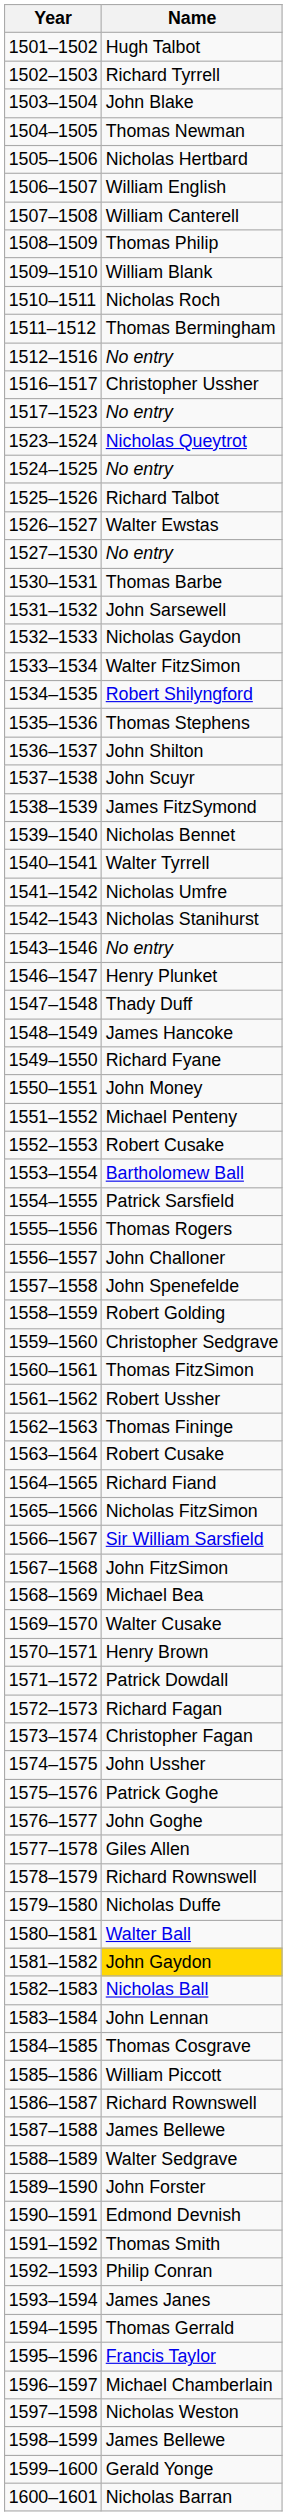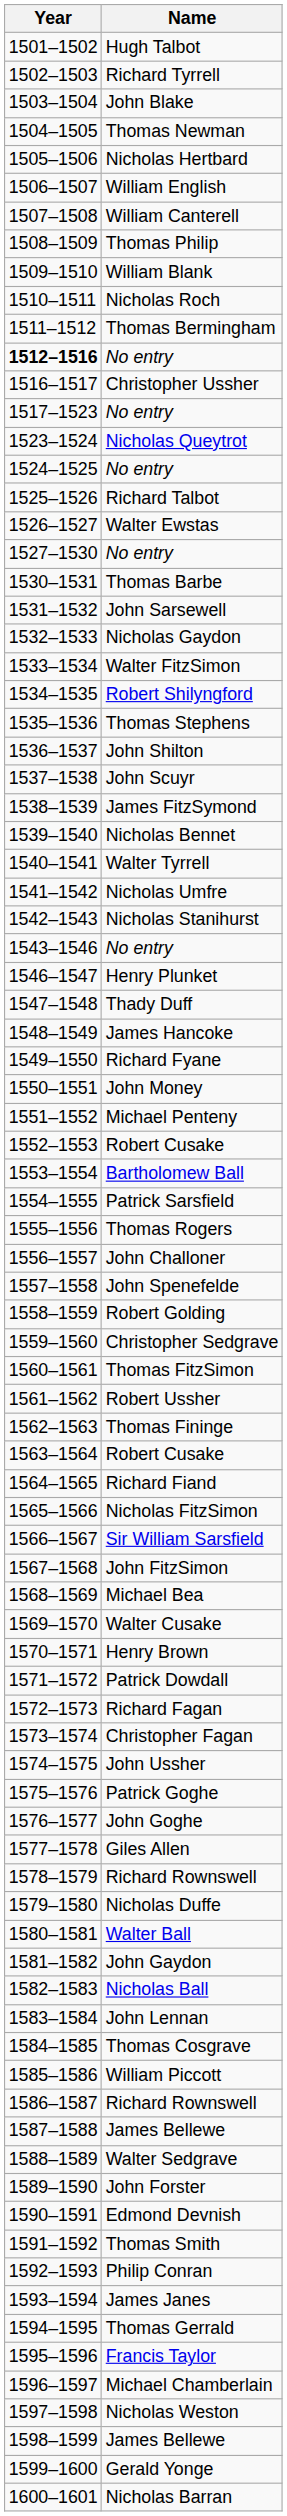 <table class="wikitable">
 <tr>
 <th>Year</th>
 <th>Name</th>
 </tr>
 <tr>
 <td>1501–1502</td>
 <td>Hugh Talbot</td>
 </tr>
 <tr>
 <td>1502–1503</td>
 <td>Richard Tyrrell</td>
 </tr>
 <tr>
 <td>1503–1504</td>
 <td>John Blake</td>
 </tr>
 <tr>
 <td>1504–1505</td>
 <td>Thomas Newman</td>
 </tr>
 <tr>
 <td>1505–1506</td>
 <td>Nicholas Hertbard</td>
 </tr>
 <tr>
 <td>1506–1507</td>
 <td>William English</td>
 </tr>
 <tr>
 <td>1507–1508</td>
 <td>William Canterell</td>
 </tr>
 <tr>
 <td>1508–1509</td>
 <td>Thomas Philip</td>
 </tr>
 <tr>
 <td>1509–1510</td>
 <td>William Blank</td>
 </tr>
 <tr>
 <td>1510–1511</td>
 <td>Nicholas Roch</td>
 </tr>
 <tr>
 <td>1511–1512</td>
 <td>Thomas Bermingham</td>
 </tr>
 <tr>
-<td>1512–1516</td>
+<td><strong>1512–1516</strong></td>
 <td><em>No entry</em></td>
 </tr>
 <tr>
 <td>1516–1517</td>
 <td>Christopher Ussher</td>
 </tr>
 <tr>
 <td>1517–1523</td>
 <td><em>No entry</em></td>
 </tr>
 <tr>
 <td>1523–1524</td>
 <td><a href='#'>Nicholas Queytrot</a></td>
 </tr>
 <tr>
 <td>1524–1525</td>
 <td><em>No entry</em></td>
 </tr>
 <tr>
 <td>1525–1526</td>
 <td>Richard Talbot</td>
 </tr>
 <tr>
 <td>1526–1527</td>
 <td>Walter Ewstas</td>
 </tr>
 <tr>
 <td>1527–1530</td>
 <td><em>No entry</em></td>
 </tr>
 <tr>
 <td>1530–1531</td>
 <td>Thomas Barbe</td>
 </tr>
 <tr>
 <td>1531–1532</td>
 <td>John Sarsewell</td>
 </tr>
 <tr>
 <td>1532–1533</td>
 <td>Nicholas Gaydon</td>
 </tr>
 <tr>
 <td>1533–1534</td>
 <td>Walter FitzSimon</td>
 </tr>
 <tr>
 <td>1534–1535</td>
 <td><a href='#'>Robert Shilyngford</a></td>
 </tr>
 <tr>
 <td>1535–1536</td>
 <td>Thomas Stephens</td>
 </tr>
 <tr>
 <td>1536–1537</td>
 <td>John Shilton</td>
 </tr>
 <tr>
 <td>1537–1538</td>
 <td>John Scuyr</td>
 </tr>
 <tr>
 <td>1538–1539</td>
 <td>James FitzSymond</td>
 </tr>
 <tr>
 <td>1539–1540</td>
 <td>Nicholas Bennet</td>
 </tr>
 <tr>
 <td>1540–1541</td>
 <td>Walter Tyrrell</td>
 </tr>
 <tr>
 <td>1541–1542</td>
 <td>Nicholas Umfre</td>
 </tr>
 <tr>
 <td>1542–1543</td>
 <td>Nicholas Stanihurst</td>
 </tr>
 <tr>
 <td>1543–1546</td>
 <td><em>No entry</em></td>
 </tr>
 <tr>
 <td>1546–1547</td>
 <td>Henry Plunket</td>
 </tr>
 <tr>
 <td>1547–1548</td>
 <td>Thady Duff</td>
 </tr>
 <tr>
 <td>1548–1549</td>
 <td>James Hancoke</td>
 </tr>
 <tr>
 <td>1549–1550</td>
 <td>Richard Fyane</td>
 </tr>
 <tr>
 <td>1550–1551</td>
 <td>John Money</td>
 </tr>
 <tr>
 <td>1551–1552</td>
 <td>Michael Penteny</td>
 </tr>
 <tr>
 <td>1552–1553</td>
 <td>Robert Cusake</td>
 </tr>
 <tr>
 <td>1553–1554</td>
 <td><a href='#'>Bartholomew Ball</a></td>
 </tr>
 <tr>
 <td>1554–1555</td>
 <td>Patrick Sarsfield</td>
 </tr>
 <tr>
 <td>1555–1556</td>
 <td>Thomas Rogers</td>
 </tr>
 <tr>
 <td>1556–1557</td>
 <td>John Challoner</td>
 </tr>
 <tr>
 <td>1557–1558</td>
 <td>John Spenefelde</td>
 </tr>
 <tr>
 <td>1558–1559</td>
 <td>Robert Golding</td>
 </tr>
 <tr>
 <td>1559–1560</td>
 <td>Christopher Sedgrave</td>
 </tr>
 <tr>
 <td>1560–1561</td>
 <td>Thomas FitzSimon</td>
 </tr>
 <tr>
 <td>1561–1562</td>
 <td>Robert Ussher</td>
 </tr>
 <tr>
 <td>1562–1563</td>
 <td>Thomas Fininge</td>
 </tr>
 <tr>
 <td>1563–1564</td>
 <td>Robert Cusake</td>
 </tr>
 <tr>
 <td>1564–1565</td>
 <td>Richard Fiand</td>
 </tr>
 <tr>
 <td>1565–1566</td>
 <td>Nicholas FitzSimon</td>
 </tr>
 <tr>
 <td>1566–1567</td>
 <td><a href='#'>Sir William Sarsfield</a></td>
 </tr>
 <tr>
 <td>1567–1568</td>
 <td>John FitzSimon</td>
 </tr>
 <tr>
 <td>1568–1569</td>
 <td>Michael Bea</td>
 </tr>
 <tr>
 <td>1569–1570</td>
 <td>Walter Cusake</td>
 </tr>
 <tr>
 <td>1570–1571</td>
 <td>Henry Brown</td>
 </tr>
 <tr>
 <td>1571–1572</td>
 <td>Patrick Dowdall</td>
 </tr>
 <tr>
 <td>1572–1573</td>
 <td>Richard Fagan</td>
 </tr>
 <tr>
 <td>1573–1574</td>
 <td>Christopher Fagan</td>
 </tr>
 <tr>
 <td>1574–1575</td>
 <td>John Ussher</td>
 </tr>
 <tr>
 <td>1575–1576</td>
 <td>Patrick Goghe</td>
 </tr>
 <tr>
 <td>1576–1577</td>
 <td>John Goghe</td>
 </tr>
 <tr>
 <td>1577–1578</td>
 <td>Giles Allen</td>
 </tr>
 <tr>
 <td>1578–1579</td>
 <td>Richard Rownswell</td>
 </tr>
 <tr>
 <td>1579–1580</td>
 <td>Nicholas Duffe</td>
 </tr>
 <tr>
 <td>1580–1581</td>
 <td><a href='#'>Walter Ball</a></td>
 </tr>
 <tr>
 <td>1581–1582</td>
-<td style="background: gold;">John Gaydon</td>
+<td>John Gaydon</td>
 </tr>
 <tr>
 <td>1582–1583</td>
 <td><a href='#'>Nicholas Ball</a></td>
 </tr>
 <tr>
 <td>1583–1584</td>
 <td>John Lennan</td>
 </tr>
 <tr>
 <td>1584–1585</td>
 <td>Thomas Cosgrave</td>
 </tr>
 <tr>
 <td>1585–1586</td>
 <td>William Piccott</td>
 </tr>
 <tr>
 <td>1586–1587</td>
 <td>Richard Rownswell</td>
 </tr>
 <tr>
 <td>1587–1588</td>
 <td>James Bellewe</td>
 </tr>
 <tr>
 <td>1588–1589</td>
 <td>Walter Sedgrave</td>
 </tr>
 <tr>
 <td>1589–1590</td>
 <td>John Forster</td>
 </tr>
 <tr>
 <td>1590–1591</td>
 <td>Edmond Devnish</td>
 </tr>
 <tr>
 <td>1591–1592</td>
 <td>Thomas Smith</td>
 </tr>
 <tr>
 <td>1592–1593</td>
 <td>Philip Conran</td>
 </tr>
 <tr>
 <td>1593–1594</td>
 <td>James Janes</td>
 </tr>
 <tr>
 <td>1594–1595</td>
 <td>Thomas Gerrald</td>
 </tr>
 <tr>
 <td>1595–1596</td>
 <td><a href='#'>Francis Taylor</a></td>
 </tr>
 <tr>
 <td>1596–1597</td>
 <td>Michael Chamberlain</td>
 </tr>
 <tr>
 <td>1597–1598</td>
 <td>Nicholas Weston</td>
 </tr>
 <tr>
 <td>1598–1599</td>
 <td>James Bellewe</td>
 </tr>
 <tr>
 <td>1599–1600</td>
 <td>Gerald Yonge</td>
 </tr>
 <tr>
 <td>1600–1601</td>
 <td>Nicholas Barran</td>
 </tr>
 </table>
